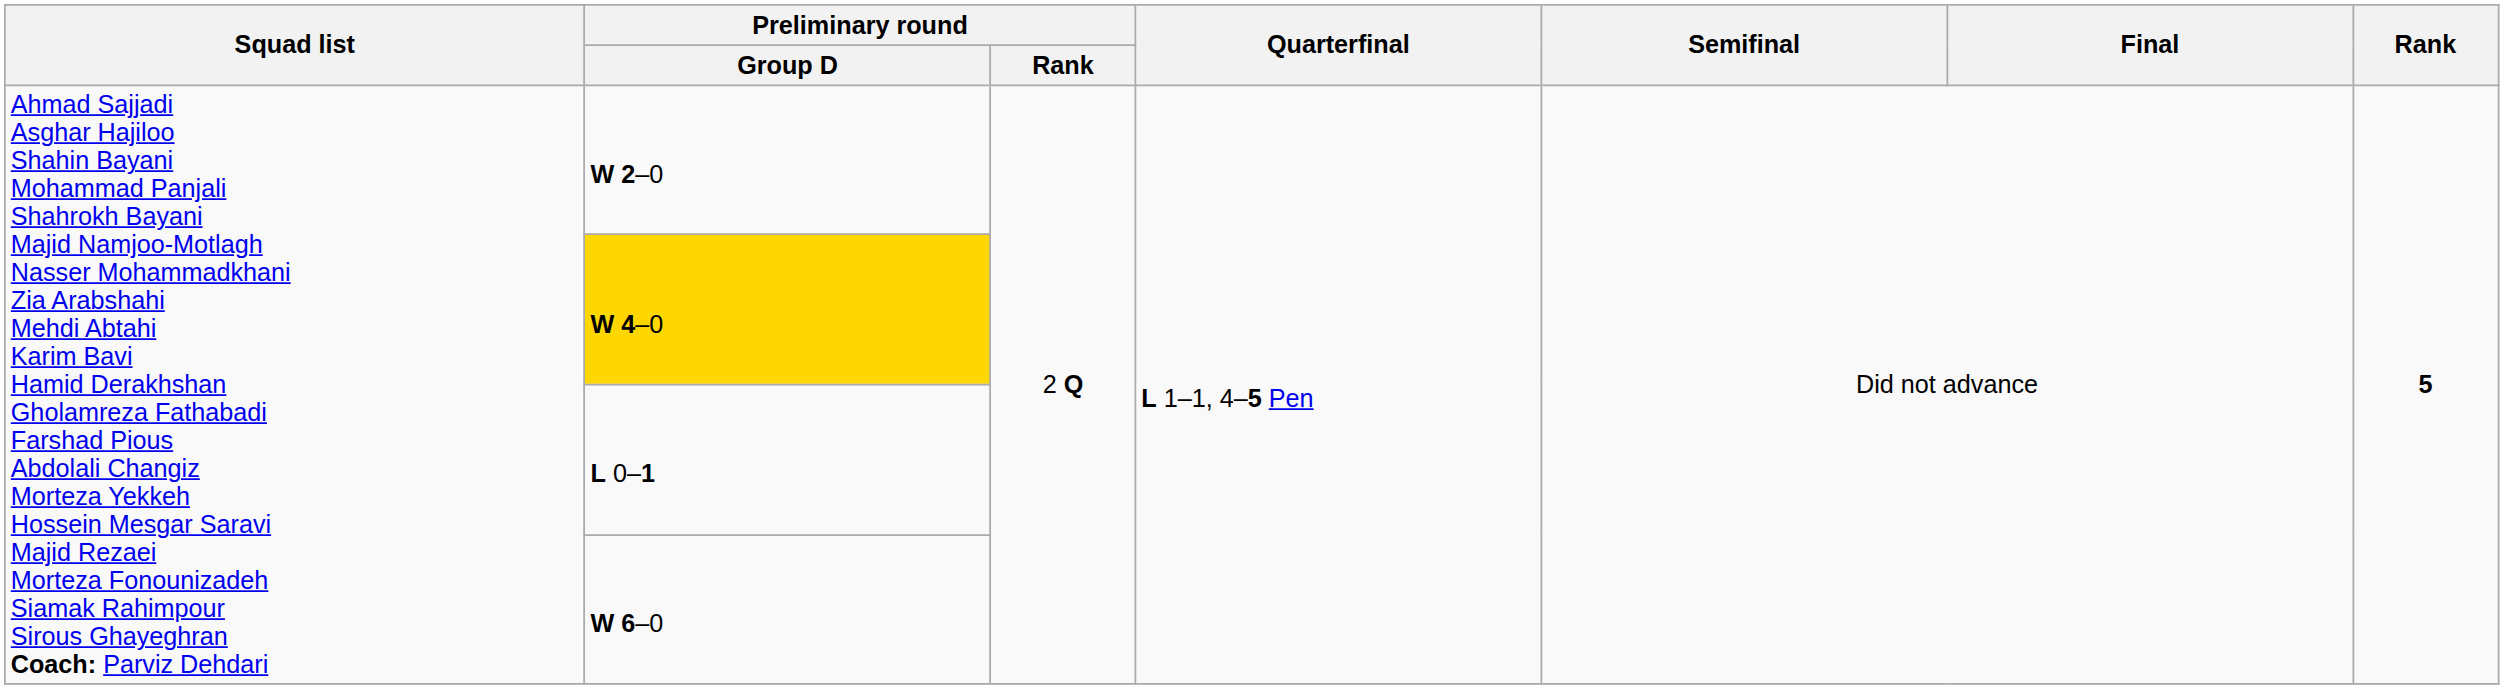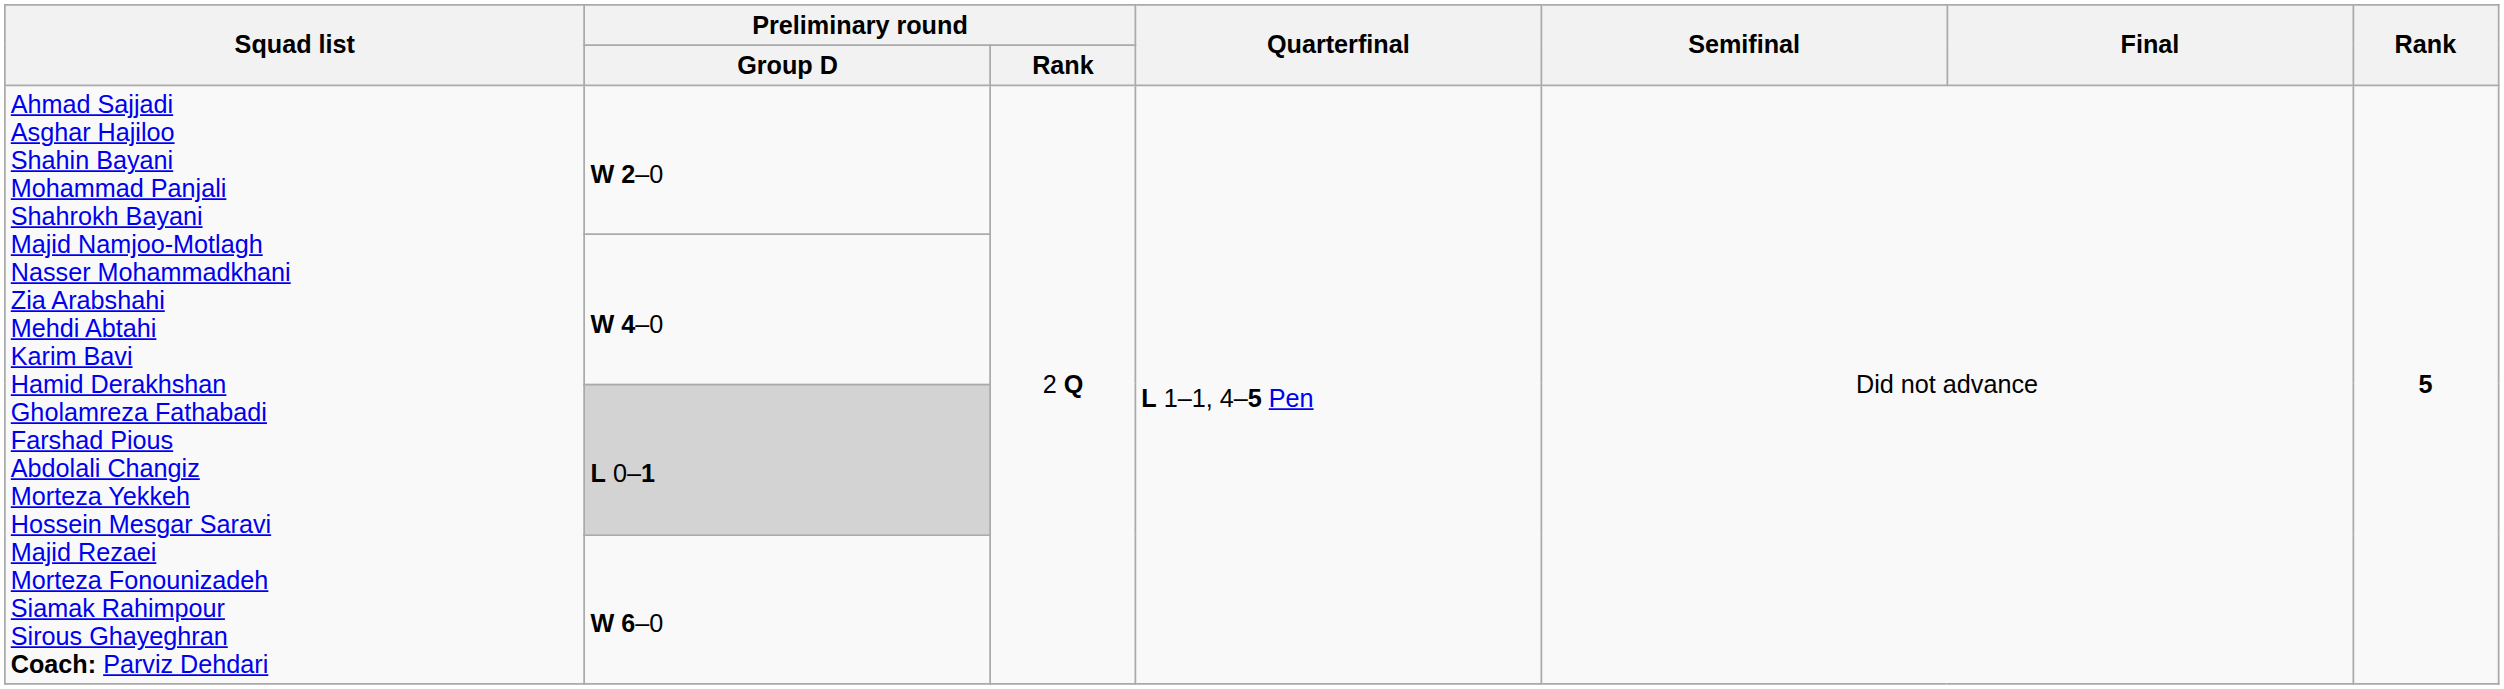 <table class="wikitable" width="90%" style="text-align:left; font-size:90%">
 <tr>
 <th rowspan="2" width="20%">Squad list</th>
 <th colspan="2">Preliminary round</th>
 <th rowspan="2" width="14%">Quarterfinal</th>
 <th rowspan="2" width="14%">Semifinal</th>
 <th rowspan="2" width="14%">Final</th>
 <th rowspan="2" width="5%">Rank</th>
 </tr>
 <tr>
 <th width="14%">Group D</th>
 <th width="5%">Rank</th>
 </tr>
 <tr>
 <td rowspan="4"><a href='#'>Ahmad Sajjadi</a><br><a href='#'>Asghar Hajiloo</a><br><a href='#'>Shahin Bayani</a><br><a href='#'>Mohammad Panjali</a><br><a href='#'>Shahrokh Bayani</a><br><a href='#'>Majid Namjoo-Motlagh</a><br><a href='#'>Nasser Mohammadkhani</a><br><a href='#'>Zia Arabshahi</a><br><a href='#'>Mehdi Abtahi</a><br><a href='#'>Karim Bavi</a><br><a href='#'>Hamid Derakhshan</a><br><a href='#'>Gholamreza Fathabadi</a><br><a href='#'>Farshad Pious</a><br><a href='#'>Abdolali Changiz</a><br><a href='#'>Morteza Yekkeh</a><br><a href='#'>Hossein Mesgar Saravi</a><br><a href='#'>Majid Rezaei</a><br><a href='#'>Morteza Fonounizadeh</a><br><a href='#'>Siamak Rahimpour</a><br><a href='#'>Sirous Ghayeghran</a><br><strong>Coach:</strong> <a href='#'>Parviz Dehdari</a></td>
 <td><br><strong>W</strong> <strong>2</strong>–0</td>
 <td rowspan="4" align=center>2 <strong>Q</strong></td>
 <td rowspan="4"><br><strong>L</strong> 1–1, 4–<strong>5</strong> <a href='#'>Pen</a></td>
 <td rowspan="4" colspan="2" align=center>Did not advance</td>
 <td rowspan="4" align=center><strong>5</strong></td>
 </tr>
 <tr>
-<td style="background: gold;"><br><strong>W</strong> <strong>4</strong>–0</td>
+<td><br><strong>W</strong> <strong>4</strong>–0</td>
 </tr>
 <tr>
-<td><br><strong>L</strong> 0–<strong>1</strong></td>
+<td style="background: lightgrey;"><br><strong>L</strong> 0–<strong>1</strong></td>
 </tr>
 <tr>
 <td><br><strong>W</strong> <strong>6</strong>–0</td>
 </tr>
 </table>
